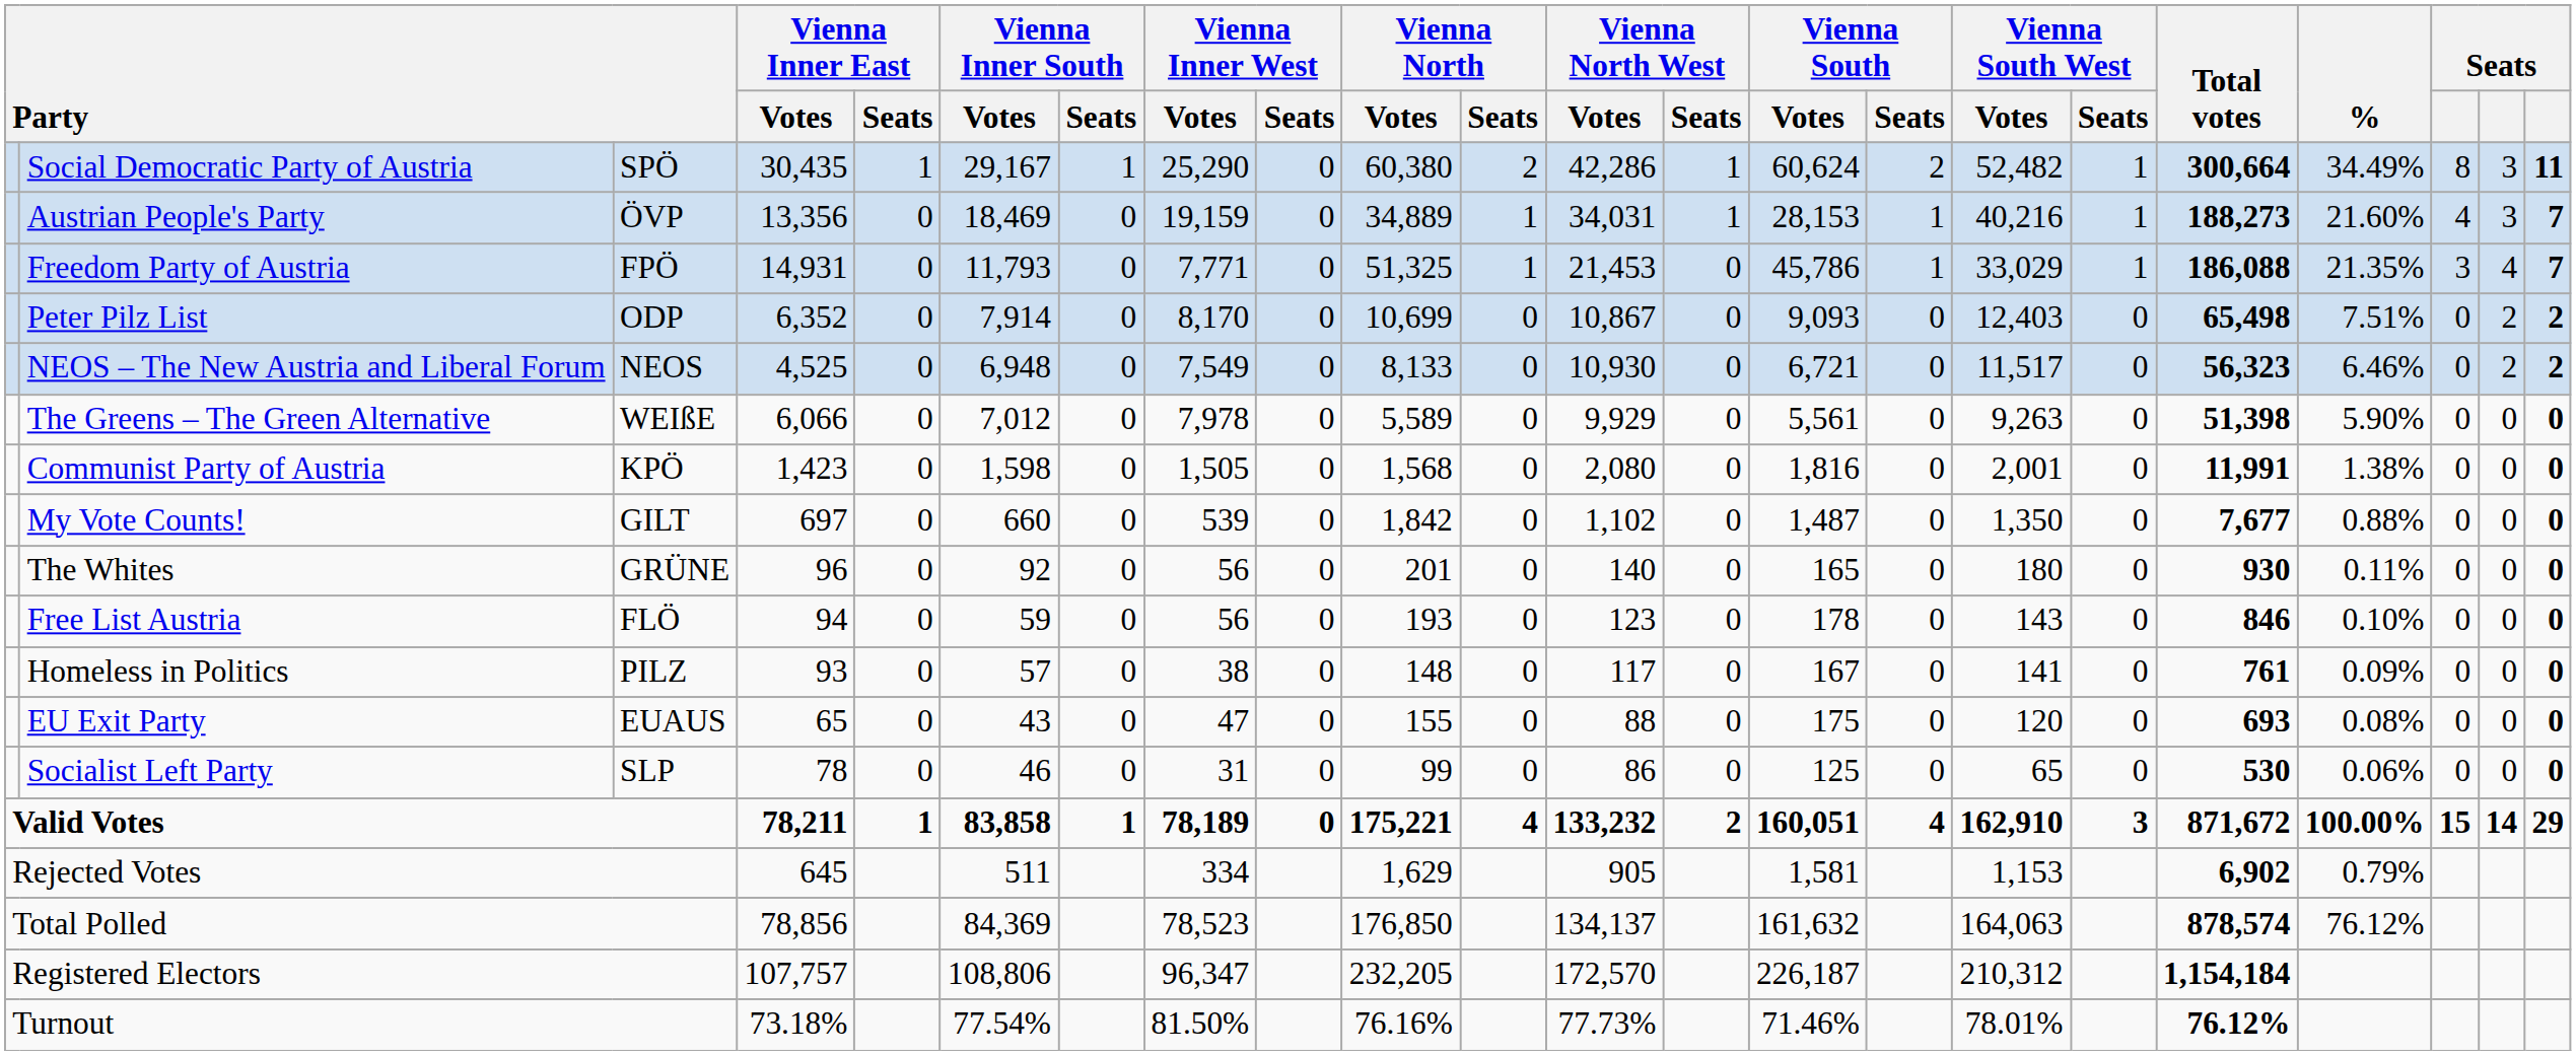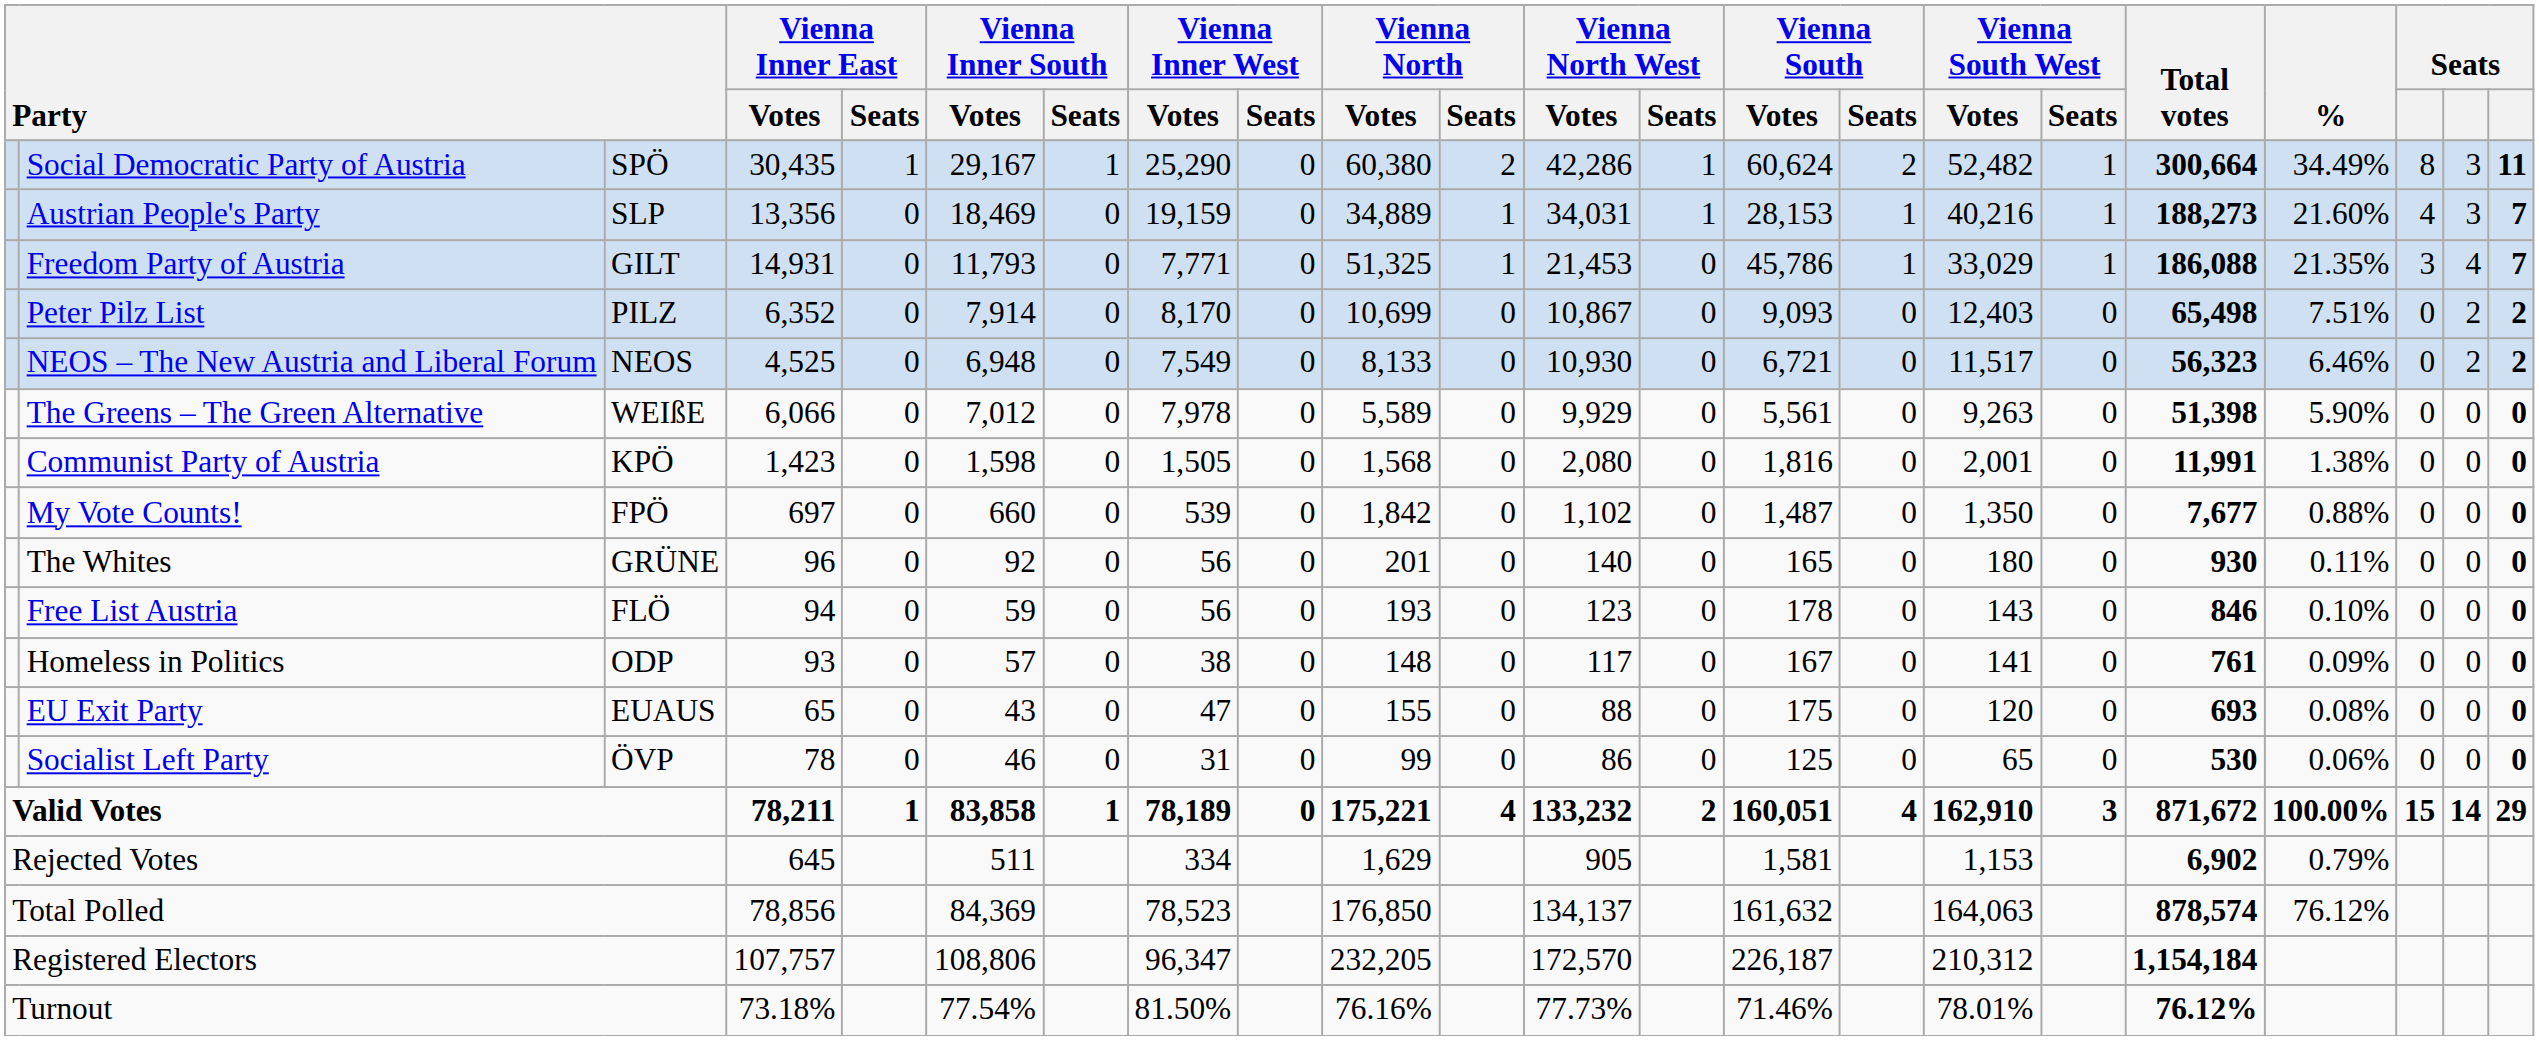 <table class="wikitable" border="1" style="text-align:right;">
 <tr>
 <th style="text-align:left;" valign=bottom rowspan=2 colspan=3>Party</th>
 <th align=center valign=bottom colspan=2><a href='#'>Vienna<br>Inner East</a></th>
 <th align=center valign=bottom colspan=2><a href='#'>Vienna<br>Inner South</a></th>
 <th align=center valign=bottom colspan=2><a href='#'>Vienna<br>Inner West</a></th>
 <th align=center valign=bottom colspan=2><a href='#'>Vienna<br>North</a></th>
 <th align=center valign=bottom colspan=2><a href='#'>Vienna<br>North West</a></th>
 <th align=center valign=bottom colspan=2><a href='#'>Vienna<br>South</a></th>
 <th align=center valign=bottom colspan=2><a href='#'>Vienna<br>South West</a></th>
 <th align=center valign=bottom rowspan=2 width="50">Total<br>votes</th>
 <th align=center valign=bottom rowspan=2 width="50">%</th>
 <th align=center valign=bottom colspan=3>Seats</th>
 </tr>
 <tr>
 <th>Votes</th>
 <th>Seats</th>
 <th>Votes</th>
 <th>Seats</th>
 <th>Votes</th>
 <th>Seats</th>
 <th>Votes</th>
 <th>Seats</th>
 <th>Votes</th>
 <th>Seats</th>
 <th>Votes</th>
 <th>Seats</th>
 <th>Votes</th>
 <th>Seats</th>
 <th align=center valign=bottom width="20"><small></small></th>
 <th align=center valign=bottom width="20"><small></small></th>
 <th align=center valign=bottom width="20"><small></small></th>
 </tr>
 <tr style="background:#CEE0F2;">
 <td></td>
 <td align=left><a href='#'>Social Democratic Party of Austria</a></td>
 <td align=left>SPÖ</td>
 <td>30,435</td>
 <td>1</td>
 <td>29,167</td>
 <td>1</td>
 <td>25,290</td>
 <td>0</td>
 <td>60,380</td>
 <td>2</td>
 <td>42,286</td>
 <td>1</td>
 <td>60,624</td>
 <td>2</td>
 <td>52,482</td>
 <td>1</td>
 <td><strong>300,664</strong></td>
 <td>34.49%</td>
 <td>8</td>
 <td>3</td>
 <td><strong>11</strong></td>
 </tr>
 <tr style="background:#CEE0F2;">
 <td></td>
 <td align=left><a href='#'>Austrian People's Party</a></td>
-<td align=left>ÖVP</td>
+<td align=left>SLP</td>
 <td>13,356</td>
 <td>0</td>
 <td>18,469</td>
 <td>0</td>
 <td>19,159</td>
 <td>0</td>
 <td>34,889</td>
 <td>1</td>
 <td>34,031</td>
 <td>1</td>
 <td>28,153</td>
 <td>1</td>
 <td>40,216</td>
 <td>1</td>
 <td><strong>188,273</strong></td>
 <td>21.60%</td>
 <td>4</td>
 <td>3</td>
 <td><strong>7</strong></td>
 </tr>
 <tr style="background:#CEE0F2;">
 <td></td>
 <td align=left><a href='#'>Freedom Party of Austria</a></td>
-<td align=left>FPÖ</td>
+<td align=left>GILT</td>
 <td>14,931</td>
 <td>0</td>
 <td>11,793</td>
 <td>0</td>
 <td>7,771</td>
 <td>0</td>
 <td>51,325</td>
 <td>1</td>
 <td>21,453</td>
 <td>0</td>
 <td>45,786</td>
 <td>1</td>
 <td>33,029</td>
 <td>1</td>
 <td><strong>186,088</strong></td>
 <td>21.35%</td>
 <td>3</td>
 <td>4</td>
 <td><strong>7</strong></td>
 </tr>
 <tr style="background:#CEE0F2;">
 <td></td>
 <td align=left><a href='#'>Peter Pilz List</a></td>
-<td align=left>ODP</td>
+<td align=left>PILZ</td>
 <td>6,352</td>
 <td>0</td>
 <td>7,914</td>
 <td>0</td>
 <td>8,170</td>
 <td>0</td>
 <td>10,699</td>
 <td>0</td>
 <td>10,867</td>
 <td>0</td>
 <td>9,093</td>
 <td>0</td>
 <td>12,403</td>
 <td>0</td>
 <td><strong>65,498</strong></td>
 <td>7.51%</td>
 <td>0</td>
 <td>2</td>
 <td><strong>2</strong></td>
 </tr>
 <tr style="background:#CEE0F2;">
 <td></td>
 <td align=left style="white-space: nowrap;"><a href='#'>NEOS – The New Austria and Liberal Forum</a></td>
 <td align=left>NEOS</td>
 <td>4,525</td>
 <td>0</td>
 <td>6,948</td>
 <td>0</td>
 <td>7,549</td>
 <td>0</td>
 <td>8,133</td>
 <td>0</td>
 <td>10,930</td>
 <td>0</td>
 <td>6,721</td>
 <td>0</td>
 <td>11,517</td>
 <td>0</td>
 <td><strong>56,323</strong></td>
 <td>6.46%</td>
 <td>0</td>
 <td>2</td>
 <td><strong>2</strong></td>
 </tr>
 <tr>
 <td></td>
 <td align=left><a href='#'>The Greens – The Green Alternative</a></td>
 <td align=left>WEIßE</td>
 <td>6,066</td>
 <td>0</td>
 <td>7,012</td>
 <td>0</td>
 <td>7,978</td>
 <td>0</td>
 <td>5,589</td>
 <td>0</td>
 <td>9,929</td>
 <td>0</td>
 <td>5,561</td>
 <td>0</td>
 <td>9,263</td>
 <td>0</td>
 <td><strong>51,398</strong></td>
 <td>5.90%</td>
 <td>0</td>
 <td>0</td>
 <td><strong>0</strong></td>
 </tr>
 <tr>
 <td></td>
 <td align=left><a href='#'>Communist Party of Austria</a></td>
 <td align=left>KPÖ</td>
 <td>1,423</td>
 <td>0</td>
 <td>1,598</td>
 <td>0</td>
 <td>1,505</td>
 <td>0</td>
 <td>1,568</td>
 <td>0</td>
 <td>2,080</td>
 <td>0</td>
 <td>1,816</td>
 <td>0</td>
 <td>2,001</td>
 <td>0</td>
 <td><strong>11,991</strong></td>
 <td>1.38%</td>
 <td>0</td>
 <td>0</td>
 <td><strong>0</strong></td>
 </tr>
 <tr>
 <td></td>
 <td align=left><a href='#'>My Vote Counts!</a></td>
-<td align=left>GILT</td>
+<td align=left>FPÖ</td>
 <td>697</td>
 <td>0</td>
 <td>660</td>
 <td>0</td>
 <td>539</td>
 <td>0</td>
 <td>1,842</td>
 <td>0</td>
 <td>1,102</td>
 <td>0</td>
 <td>1,487</td>
 <td>0</td>
 <td>1,350</td>
 <td>0</td>
 <td><strong>7,677</strong></td>
 <td>0.88%</td>
 <td>0</td>
 <td>0</td>
 <td><strong>0</strong></td>
 </tr>
 <tr>
 <td></td>
 <td align=left>The Whites</td>
 <td align=left>GRÜNE</td>
 <td>96</td>
 <td>0</td>
 <td>92</td>
 <td>0</td>
 <td>56</td>
 <td>0</td>
 <td>201</td>
 <td>0</td>
 <td>140</td>
 <td>0</td>
 <td>165</td>
 <td>0</td>
 <td>180</td>
 <td>0</td>
 <td><strong>930</strong></td>
 <td>0.11%</td>
 <td>0</td>
 <td>0</td>
 <td><strong>0</strong></td>
 </tr>
 <tr>
 <td></td>
 <td align=left><a href='#'>Free List Austria</a></td>
 <td align=left>FLÖ</td>
 <td>94</td>
 <td>0</td>
 <td>59</td>
 <td>0</td>
 <td>56</td>
 <td>0</td>
 <td>193</td>
 <td>0</td>
 <td>123</td>
 <td>0</td>
 <td>178</td>
 <td>0</td>
 <td>143</td>
 <td>0</td>
 <td><strong>846</strong></td>
 <td>0.10%</td>
 <td>0</td>
 <td>0</td>
 <td><strong>0</strong></td>
 </tr>
 <tr>
 <td></td>
 <td align=left>Homeless in Politics</td>
-<td align=left>PILZ</td>
+<td align=left>ODP</td>
 <td>93</td>
 <td>0</td>
 <td>57</td>
 <td>0</td>
 <td>38</td>
 <td>0</td>
 <td>148</td>
 <td>0</td>
 <td>117</td>
 <td>0</td>
 <td>167</td>
 <td>0</td>
 <td>141</td>
 <td>0</td>
 <td><strong>761</strong></td>
 <td>0.09%</td>
 <td>0</td>
 <td>0</td>
 <td><strong>0</strong></td>
 </tr>
 <tr>
 <td></td>
 <td align=left><a href='#'>EU Exit Party</a></td>
 <td align=left>EUAUS</td>
 <td>65</td>
 <td>0</td>
 <td>43</td>
 <td>0</td>
 <td>47</td>
 <td>0</td>
 <td>155</td>
 <td>0</td>
 <td>88</td>
 <td>0</td>
 <td>175</td>
 <td>0</td>
 <td>120</td>
 <td>0</td>
 <td><strong>693</strong></td>
 <td>0.08%</td>
 <td>0</td>
 <td>0</td>
 <td><strong>0</strong></td>
 </tr>
 <tr>
 <td></td>
 <td align=left><a href='#'>Socialist Left Party</a></td>
-<td align=left>SLP</td>
+<td align=left>ÖVP</td>
 <td>78</td>
 <td>0</td>
 <td>46</td>
 <td>0</td>
 <td>31</td>
 <td>0</td>
 <td>99</td>
 <td>0</td>
 <td>86</td>
 <td>0</td>
 <td>125</td>
 <td>0</td>
 <td>65</td>
 <td>0</td>
 <td><strong>530</strong></td>
 <td>0.06%</td>
 <td>0</td>
 <td>0</td>
 <td><strong>0</strong></td>
 </tr>
 <tr style="font-weight:bold">
 <td align=left colspan=3>Valid Votes</td>
 <td>78,211</td>
 <td>1</td>
 <td>83,858</td>
 <td>1</td>
 <td>78,189</td>
 <td>0</td>
 <td>175,221</td>
 <td>4</td>
 <td>133,232</td>
 <td>2</td>
 <td>160,051</td>
 <td>4</td>
 <td>162,910</td>
 <td>3</td>
 <td>871,672</td>
 <td>100.00%</td>
 <td>15</td>
 <td>14</td>
 <td>29</td>
 </tr>
 <tr>
 <td align=left colspan=3>Rejected Votes</td>
 <td>645</td>
 <td></td>
 <td>511</td>
 <td></td>
 <td>334</td>
 <td></td>
 <td>1,629</td>
 <td></td>
 <td>905</td>
 <td></td>
 <td>1,581</td>
 <td></td>
 <td>1,153</td>
 <td></td>
 <td><strong>6,902</strong></td>
 <td>0.79%</td>
 <td></td>
 <td></td>
 <td></td>
 </tr>
 <tr>
 <td align=left colspan=3>Total Polled</td>
 <td>78,856</td>
 <td></td>
 <td>84,369</td>
 <td></td>
 <td>78,523</td>
 <td></td>
 <td>176,850</td>
 <td></td>
 <td>134,137</td>
 <td></td>
 <td>161,632</td>
 <td></td>
 <td>164,063</td>
 <td></td>
 <td><strong>878,574</strong></td>
 <td>76.12%</td>
 <td></td>
 <td></td>
 <td></td>
 </tr>
 <tr>
 <td align=left colspan=3>Registered Electors</td>
 <td>107,757</td>
 <td></td>
 <td>108,806</td>
 <td></td>
 <td>96,347</td>
 <td></td>
 <td>232,205</td>
 <td></td>
 <td>172,570</td>
 <td></td>
 <td>226,187</td>
 <td></td>
 <td>210,312</td>
 <td></td>
 <td><strong>1,154,184</strong></td>
 <td></td>
 <td></td>
 <td></td>
 <td></td>
 </tr>
 <tr>
 <td align=left colspan=3>Turnout</td>
 <td>73.18%</td>
 <td></td>
 <td>77.54%</td>
 <td></td>
 <td>81.50%</td>
 <td></td>
 <td>76.16%</td>
 <td></td>
 <td>77.73%</td>
 <td></td>
 <td>71.46%</td>
 <td></td>
 <td>78.01%</td>
 <td></td>
 <td><strong>76.12%</strong></td>
 <td></td>
 <td></td>
 <td></td>
 <td></td>
 </tr>
 </table>
